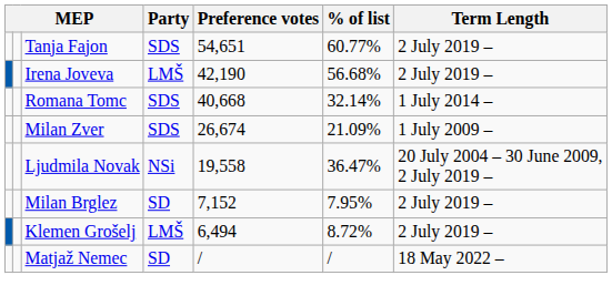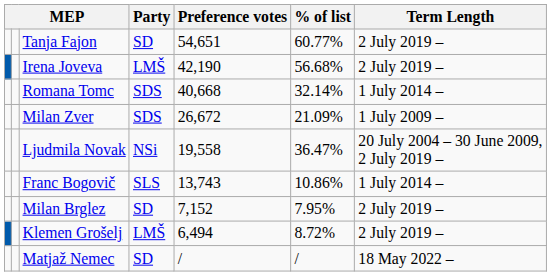 <table class=wikitable>
 <tr>
 <th colspan=3>MEP</th>
 <th>Party</th>
 <th>Preference votes</th>
 <th>% of list</th>
 <th>Term Length</th>
 </tr>
 <tr>
 <td style="background-color: "></td>
 <td></td>
 <td><a href='#'>Tanja Fajon</a></td>
-<td><a href='#'>SDS</a></td>
+<td><a href='#'>SD</a></td>
 <td>54,651</td>
 <td>60.77%</td>
 <td>2 July 2019 –</td>
 </tr>
 <tr>
 <th style="background: #005AAB;"></th>
 <td></td>
 <td><a href='#'>Irena Joveva</a></td>
 <td><a href='#'>LMŠ</a></td>
 <td>42,190</td>
 <td>56.68%</td>
 <td>2 July 2019 –</td>
 </tr>
 <tr>
 <td style="background-color: "></td>
 <td></td>
 <td><a href='#'>Romana Tomc</a></td>
 <td><a href='#'>SDS</a></td>
 <td>40,668</td>
 <td>32.14%</td>
 <td>1 July 2014 –</td>
 </tr>
 <tr>
 <td style="background-color: "></td>
 <td></td>
 <td><a href='#'>Milan Zver</a></td>
 <td><a href='#'>SDS</a></td>
-<td>26,674</td>
+<td>26,672</td>
 <td>21.09%</td>
 <td>1 July 2009 –</td>
 </tr>
 <tr>
 <td style="background-color: "></td>
 <td></td>
 <td><a href='#'>Ljudmila Novak</a></td>
 <td><a href='#'>NSi</a></td>
 <td>19,558</td>
 <td>36.47%</td>
 <td>20 July 2004 – 30 June 2009,<br> 2 July 2019 – <br></td>
+</tr>
+<tr>
+<td style="background-color: "></td>
+<td></td>
+<td><a href='#'>Franc Bogovič</a></td>
+<td><a href='#'>SLS</a></td>
+<td>13,743</td>
+<td>10.86%</td>
+<td>1 July 2014 –</td>
 </tr>
 <tr>
 <td style="background-color: "></td>
 <td></td>
 <td><a href='#'>Milan Brglez</a></td>
 <td><a href='#'>SD</a></td>
 <td>7,152</td>
 <td>7.95%</td>
 <td>2 July 2019 –</td>
 </tr>
 <tr>
 <th style="background: #005AAB;"></th>
 <td></td>
 <td><a href='#'>Klemen Grošelj</a></td>
 <td><a href='#'>LMŠ</a></td>
 <td>6,494</td>
 <td>8.72%</td>
 <td>2 July 2019 –</td>
 </tr>
 <tr>
 <td style="background-color: "></td>
 <td></td>
 <td><a href='#'>Matjaž Nemec</a></td>
 <td><a href='#'>SD</a></td>
 <td>/</td>
 <td>/</td>
 <td>18 May 2022 –</td>
 </tr>
 </table>
